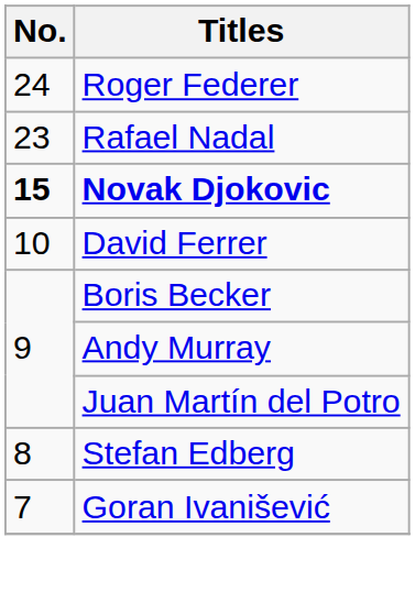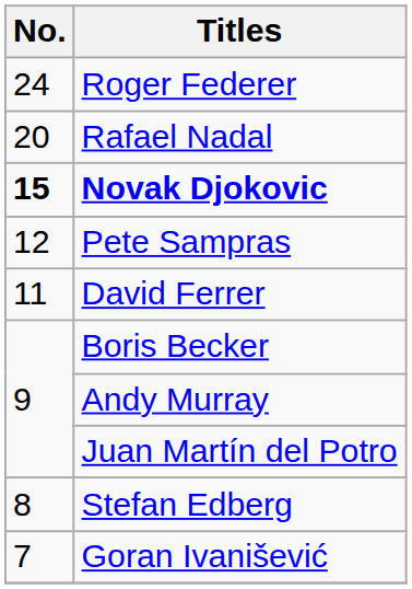 <table class="wikitable" style="display: inline-table;">
 <tr>
 <th width=20>No.</th>
 <th>Titles</th>
 </tr>
 <tr>
 <td>24</td>
 <td> <a href='#'>Roger Federer</a></td>
 </tr>
 <tr>
-<td>23</td>
+<td>20</td>
 <td> <a href='#'>Rafael Nadal</a></td>
 </tr>
 <tr>
 <td><strong>15</strong></td>
 <td> <strong><a href='#'>Novak Djokovic</a></strong></td>
 </tr>
 <tr>
-<td>10</td>
+<td>12</td>
+<td> <a href='#'>Pete Sampras</a></td>
+</tr>
+<tr>
+<td>11</td>
 <td> <a href='#'>David Ferrer</a></td>
 </tr>
 <tr>
 <td rowspan="3">9</td>
 <td> <a href='#'>Boris Becker</a></td>
 </tr>
 <tr>
 <td> <a href='#'>Andy Murray</a></td>
 </tr>
 <tr>
 <td> <a href='#'>Juan Martín del Potro</a></td>
 </tr>
 <tr>
 <td>8</td>
 <td> <a href='#'>Stefan Edberg</a></td>
 </tr>
 <tr>
 <td>7</td>
 <td> <a href='#'>Goran Ivanišević</a></td>
 </tr>
 <tr>
 </tr>
 </table>
